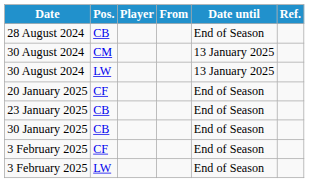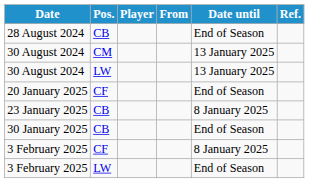 <table class="wikitable plainrowheaders sortable">
 <tr>
 <th style="background:#2191CC; color:#FFFFFF; ">Date</th>
 <th style="background:#2191CC; color:#FFFFFF; ">Pos.</th>
 <th style="background:#2191CC; color:#FFFFFF; ">Player</th>
 <th style="background:#2191CC; color:#FFFFFF; ">From</th>
 <th style="background:#2191CC; color:#FFFFFF; ">Date until</th>
 <th style="background:#2191CC; color:#FFFFFF; ">Ref.</th>
 </tr>
 <tr>
 <td>28 August 2024</td>
 <td><a href='#'>CB</a></td>
 <td></td>
 <td></td>
 <td>End of Season</td>
 <td></td>
 </tr>
 <tr>
 <td>30 August 2024</td>
 <td><a href='#'>CM</a></td>
 <td></td>
 <td></td>
 <td>13 January 2025</td>
 <td></td>
 </tr>
 <tr>
 <td>30 August 2024</td>
 <td><a href='#'>LW</a></td>
 <td></td>
 <td></td>
 <td>13 January 2025</td>
 <td></td>
 </tr>
 <tr>
 <td>20 January 2025</td>
 <td><a href='#'>CF</a></td>
 <td></td>
 <td></td>
 <td>End of Season</td>
 <td></td>
 </tr>
 <tr>
 <td>23 January 2025</td>
 <td><a href='#'>CB</a></td>
 <td></td>
 <td></td>
-<td>End of Season</td>
+<td>8 January 2025</td>
 <td></td>
 </tr>
 <tr>
 <td>30 January 2025</td>
 <td><a href='#'>CB</a></td>
 <td></td>
 <td></td>
 <td>End of Season</td>
 <td></td>
 </tr>
 <tr>
 <td>3 February 2025</td>
 <td><a href='#'>CF</a></td>
 <td></td>
 <td></td>
-<td>End of Season</td>
+<td>8 January 2025</td>
 <td></td>
 </tr>
 <tr>
 <td>3 February 2025</td>
 <td><a href='#'>LW</a></td>
 <td></td>
 <td></td>
 <td>End of Season</td>
 <td></td>
 </tr>
 </table>
